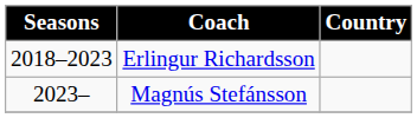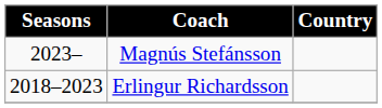 <table class="wikitable" style="text-align: center">
 <tr>
 <th style="color:white; background:#000000">Seasons</th>
 <th style="color:white; background:#000000">Coach</th>
 <th style="color:white; background:#000000">Country</th>
 </tr>
 <tr>
+<td style="text-align: center">2023–</td>
+<td style="text-align: center"><a href='#'>Magnús Stefánsson</a></td>
+<td style="text-align: center"></td>
+</tr>
+<tr>
 <td style="text-align: center">2018–2023</td>
 <td style="text-align: center"><a href='#'>Erlingur Richardsson</a></td>
 <td style="text-align: center"></td>
 </tr>
 <tr>
-<td style="text-align: center">2023–</td>
-<td style="text-align: center"><a href='#'>Magnús Stefánsson</a></td>
-<td style="text-align: center"></td>
-</tr>
-<tr>
 </tr>
 </table>
